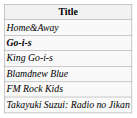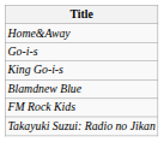 <table class="wikitable">
 <tr>
 <th>Title</th>
 </tr>
 <tr>
 <td><em>Home&Away</em></td>
 </tr>
 <tr>
-<td><strong><em>Go-i-s</em></strong></td>
+<td><em>Go-i-s</em></td>
 </tr>
 <tr>
 <td><em>King Go-i-s</em></td>
 </tr>
 <tr>
 <td><em>Blamdnew Blue</em></td>
 </tr>
 <tr>
 <td><em>FM Rock Kids</em></td>
 </tr>
 <tr>
 <td><em>Takayuki Suzui: Radio no Jikan</em></td>
 </tr>
 </table>
